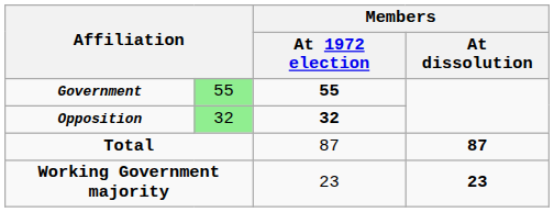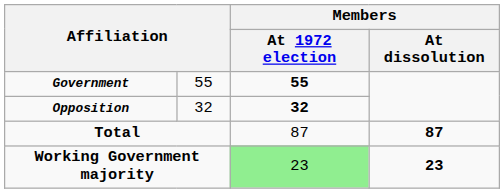 <table class="wikitable" border="1" style="font-size:95%; width:300pt; text-align:center">
 <tr>
 <th colspan="2" rowspan="2" style="text-align:center;vertical-align:middle; ">Affiliation</th>
 <th colspan="2" style="vertical-align:top;">Members</th>
 </tr>
 <tr>
 <th>At <a href='#'>1972 election</a></th>
 <th>At dissolution</th>
 </tr>
 <tr>
 <td> <small><strong><em>Government</em></strong></small></td>
-<td style="background: lightgreen;">55</td>
+<td>55</td>
 <td><strong>55</strong></td>
 </tr>
 <tr>
 <td> <small><strong><em>Opposition</em></strong></small></td>
-<td style="background: lightgreen;">32</td>
+<td>32</td>
 <td><strong>32</strong></td>
 </tr>
 <tr>
 <td colspan="2" rowspan="1"><strong>Total</strong><br></td>
 <td>87</td>
 <td><strong>87</strong></td>
 </tr>
 <tr>
 <td colspan="2" rowspan="1"><strong>Working Government majority</strong></td>
-<td>23</td>
+<td style="background: lightgreen;">23</td>
 <td><strong>23</strong></td>
 </tr>
 </table>
